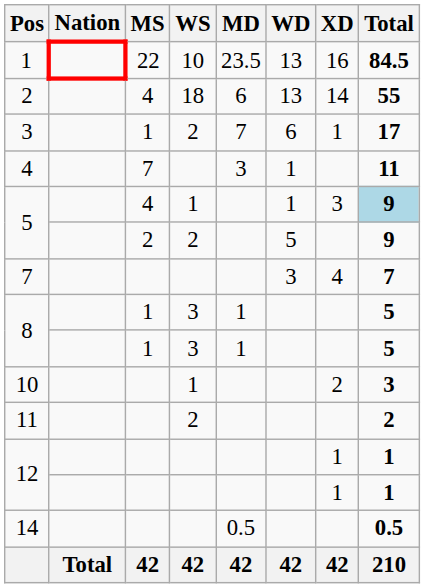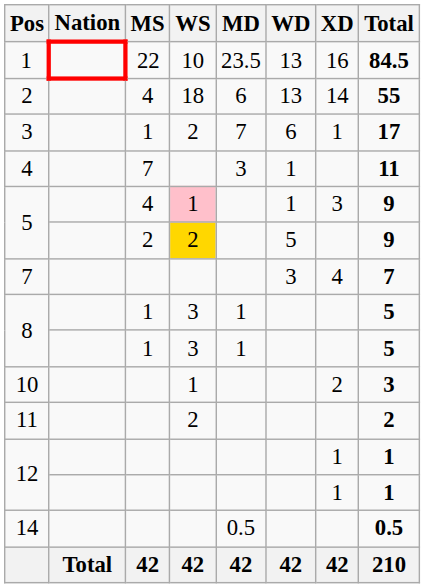 <table class="wikitable" style="text-align:center">
 <tr>
 <th>Pos</th>
 <th>Nation</th>
 <th>MS</th>
 <th>WS</th>
 <th>MD</th>
 <th>WD</th>
 <th>XD</th>
 <th>Total</th>
 </tr>
 <tr>
 <td>1</td>
 <td align=left style="border: 3px solid red"><strong></strong></td>
 <td>22</td>
 <td>10</td>
 <td>23.5</td>
 <td>13</td>
 <td>16</td>
 <td><strong>84.5</strong></td>
 </tr>
 <tr>
 <td>2</td>
 <td align=left></td>
 <td>4</td>
 <td>18</td>
 <td>6</td>
 <td>13</td>
 <td>14</td>
 <td><strong>55</strong></td>
 </tr>
 <tr align=center>
 <td>3</td>
 <td align=left></td>
 <td>1</td>
 <td>2</td>
 <td>7</td>
 <td>6</td>
 <td>1</td>
 <td><strong>17</strong></td>
 </tr>
 <tr align=center>
 <td>4</td>
 <td align=left></td>
 <td>7</td>
 <td></td>
 <td>3</td>
 <td>1</td>
 <td></td>
 <td><strong>11</strong></td>
 </tr>
 <tr align=center>
 <td rowspan=2>5</td>
 <td align=left></td>
 <td>4</td>
-<td>1</td>
+<td style="background: pink;">1</td>
 <td></td>
 <td>1</td>
 <td>3</td>
-<td style="background: lightblue;"><strong>9</strong></td>
+<td><strong>9</strong></td>
 </tr>
 <tr align=center>
 <td align=left></td>
 <td>2</td>
-<td>2</td>
+<td style="background: gold;">2</td>
 <td></td>
 <td>5</td>
 <td></td>
 <td><strong>9</strong></td>
 </tr>
 <tr align=center>
 <td>7</td>
 <td align=left></td>
 <td></td>
 <td></td>
 <td></td>
 <td>3</td>
 <td>4</td>
 <td><strong>7</strong></td>
 </tr>
 <tr align=center>
 <td rowspan=2>8</td>
 <td align=left></td>
 <td>1</td>
 <td>3</td>
 <td>1</td>
 <td></td>
 <td></td>
 <td><strong>5</strong></td>
 </tr>
 <tr align=center>
 <td align=left></td>
 <td>1</td>
 <td>3</td>
 <td>1</td>
 <td></td>
 <td></td>
 <td><strong>5</strong></td>
 </tr>
 <tr align=center>
 <td>10</td>
 <td align=left></td>
 <td></td>
 <td>1</td>
 <td></td>
 <td></td>
 <td>2</td>
 <td><strong>3</strong></td>
 </tr>
 <tr align=center>
 <td>11</td>
 <td align=left></td>
 <td></td>
 <td>2</td>
 <td></td>
 <td></td>
 <td></td>
 <td><strong>2</strong></td>
 </tr>
 <tr align=center>
 <td rowspan=2>12</td>
 <td align=left></td>
 <td></td>
 <td></td>
 <td></td>
 <td></td>
 <td>1</td>
 <td><strong>1</strong></td>
 </tr>
 <tr align=center>
 <td align=left></td>
 <td></td>
 <td></td>
 <td></td>
 <td></td>
 <td>1</td>
 <td><strong>1</strong></td>
 </tr>
 <tr align=center>
 <td>14</td>
 <td align=left></td>
 <td></td>
 <td></td>
 <td>0.5</td>
 <td></td>
 <td></td>
 <td><strong>0.5</strong></td>
 </tr>
 <tr align=center>
 <th></th>
 <th align=left>Total</th>
 <th><strong>42</strong></th>
 <th><strong>42</strong></th>
 <th><strong>42</strong></th>
 <th><strong>42</strong></th>
 <th><strong>42</strong></th>
 <th><strong>210</strong></th>
 </tr>
 </table>
